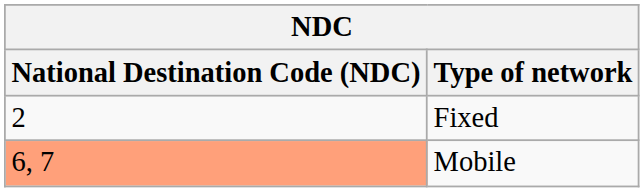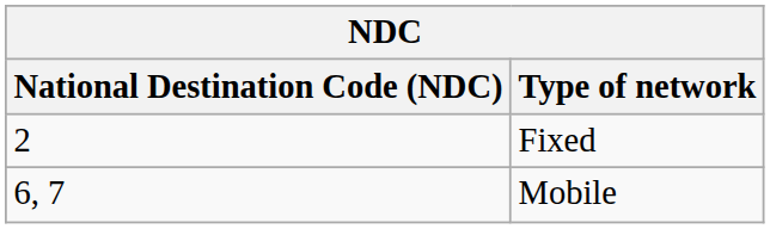 <table class="wikitable" border=1>
 <tr>
 <th colspan="3">NDC</th>
 </tr>
 <tr>
 <th>National Destination Code (NDC)</th>
 <th>Type of network</th>
 </tr>
 <tr>
 <td>2</td>
 <td>Fixed</td>
 </tr>
 <tr>
-<td style="background: lightsalmon;">6, 7</td>
+<td>6, 7</td>
 <td>Mobile</td>
 </tr>
 </table>
